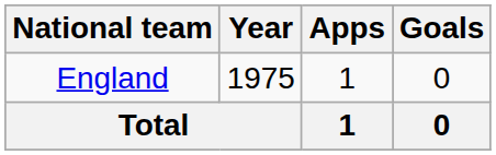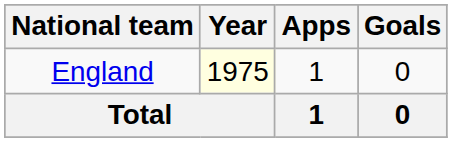 <table class="wikitable" style="text-align:center">
 <tr>
 <th>National team</th>
 <th>Year</th>
 <th>Apps</th>
 <th>Goals</th>
 </tr>
 <tr>
 <td><a href='#'>England</a></td>
-<td>1975</td>
+<td style="background: lightyellow;">1975</td>
 <td>1</td>
 <td>0</td>
 </tr>
 <tr>
 <th colspan="2">Total</th>
 <th>1</th>
 <th>0</th>
 </tr>
 </table>
